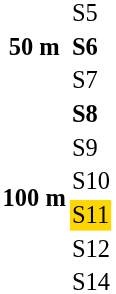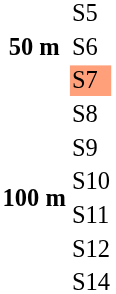 <table>
 <tr>
 <th rowspan="3">50 m</th>
 <td>S5 <br></td>
 <td></td>
 <td></td>
 <td></td>
 </tr>
 <tr>
-<td><strong>S6 <br></strong></td>
+<td>S6 <br></td>
 <td></td>
 <td></td>
 <td></td>
 </tr>
 <tr>
-<td>S7 <br></td>
+<td style="background: lightsalmon;">S7 <br></td>
 <td></td>
 <td></td>
 <td></td>
 </tr>
 <tr>
 <th rowspan="6">100 m</th>
-<td><strong>S8 <br></strong></td>
+<td>S8 <br></td>
 <td></td>
 <td></td>
 <td></td>
 </tr>
 <tr>
 <td>S9 <br></td>
 <td></td>
 <td></td>
 <td></td>
 </tr>
 <tr>
 <td>S10 <br></td>
 <td></td>
 <td></td>
 <td></td>
 </tr>
 <tr>
-<td style="background: gold;">S11 <br></td>
+<td>S11 <br></td>
 <td></td>
 <td></td>
 <td></td>
 </tr>
 <tr>
 <td>S12 <br></td>
 <td></td>
 <td></td>
 <td></td>
 </tr>
 <tr>
 <td>S14 <br></td>
 <td></td>
 <td></td>
 <td></td>
 </tr>
 </table>
